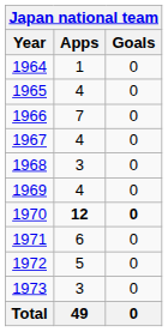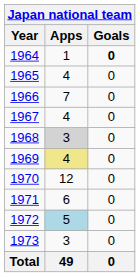 <table class="wikitable" style="text-align:center">
 <tr>
 <th colspan=3><a href='#'>Japan national team</a></th>
 </tr>
 <tr>
 <th>Year</th>
 <th>Apps</th>
 <th>Goals</th>
 </tr>
 <tr>
 <td><a href='#'>1964</a></td>
 <td>1</td>
-<td>0</td>
+<td><strong>0</strong></td>
 </tr>
 <tr>
 <td><a href='#'>1965</a></td>
 <td>4</td>
 <td>0</td>
 </tr>
 <tr>
 <td><a href='#'>1966</a></td>
 <td>7</td>
 <td>0</td>
 </tr>
 <tr>
 <td><a href='#'>1967</a></td>
 <td>4</td>
 <td>0</td>
 </tr>
 <tr>
 <td><a href='#'>1968</a></td>
-<td>3</td>
+<td style="background: lightgrey;">3</td>
 <td>0</td>
 </tr>
 <tr>
 <td><a href='#'>1969</a></td>
-<td>4</td>
+<td style="background: khaki;">4</td>
 <td>0</td>
 </tr>
 <tr>
 <td><a href='#'>1970</a></td>
-<td><strong>12</strong></td>
-<td><strong>0</strong></td>
+<td>12</td>
+<td>0</td>
 </tr>
 <tr>
 <td><a href='#'>1971</a></td>
 <td>6</td>
 <td>0</td>
 </tr>
 <tr>
 <td><a href='#'>1972</a></td>
-<td>5</td>
+<td style="background: lightblue;">5</td>
 <td>0</td>
 </tr>
 <tr>
 <td><a href='#'>1973</a></td>
 <td>3</td>
 <td>0</td>
 </tr>
 <tr>
 <th>Total</th>
 <th>49</th>
 <th>0</th>
 </tr>
 </table>
